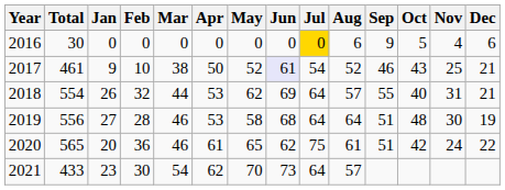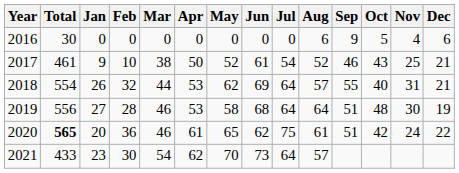 <table class="wikitable" style="text-align:right;">
 <tr>
 <th>Year</th>
 <th>Total</th>
 <th>Jan</th>
 <th>Feb</th>
 <th>Mar</th>
 <th>Apr</th>
 <th>May</th>
 <th>Jun</th>
 <th>Jul</th>
 <th>Aug</th>
 <th>Sep</th>
 <th>Oct</th>
 <th>Nov</th>
 <th>Dec</th>
 </tr>
 <tr align=right>
 <td>2016</td>
 <td>30</td>
 <td>0</td>
 <td>0</td>
 <td>0</td>
 <td>0</td>
 <td>0</td>
 <td>0</td>
-<td style="background: gold;">0</td>
+<td>0</td>
 <td>6</td>
 <td>9</td>
 <td>5</td>
 <td>4</td>
 <td>6</td>
 </tr>
 <tr align=right>
 <td>2017</td>
 <td>461</td>
 <td>9</td>
 <td>10</td>
 <td>38</td>
 <td>50</td>
 <td>52</td>
-<td style="background: lavender;">61</td>
+<td>61</td>
 <td>54</td>
 <td>52</td>
 <td>46</td>
 <td>43</td>
 <td>25</td>
 <td>21</td>
 </tr>
 <tr align=right>
 <td>2018</td>
 <td>554</td>
 <td>26</td>
 <td>32</td>
 <td>44</td>
 <td>53</td>
 <td>62</td>
 <td>69</td>
 <td>64</td>
 <td>57</td>
 <td>55</td>
 <td>40</td>
 <td>31</td>
 <td>21</td>
 </tr>
 <tr align=right>
 <td>2019</td>
 <td>556</td>
 <td>27</td>
 <td>28</td>
 <td>46</td>
 <td>53</td>
 <td>58</td>
 <td>68</td>
 <td>64</td>
 <td>64</td>
 <td>51</td>
 <td>48</td>
 <td>30</td>
 <td>19</td>
 </tr>
 <tr align=right>
 <td>2020</td>
-<td>565</td>
+<td><strong>565</strong></td>
 <td>20</td>
 <td>36</td>
 <td>46</td>
 <td>61</td>
 <td>65</td>
 <td>62</td>
 <td>75</td>
 <td>61</td>
 <td>51</td>
 <td>42</td>
 <td>24</td>
 <td>22</td>
 </tr>
 <tr align=right>
 <td>2021</td>
 <td>433</td>
 <td>23</td>
 <td>30</td>
 <td>54</td>
 <td>62</td>
 <td>70</td>
 <td>73</td>
 <td>64</td>
 <td>57</td>
 <td></td>
 <td></td>
 <td></td>
 </tr>
 </table>
